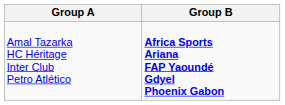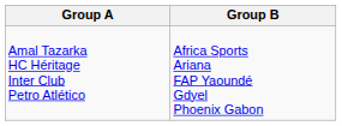 <table class="wikitable">
 <tr>
 <th width=195px>Group A</th>
 <th width=195px>Group B</th>
 </tr>
 <tr>
 <td valign=top><br> <a href='#'>Amal Tazarka</a><br>  <a href='#'>HC Héritage</a><br>  <a href='#'>Inter Club</a><br>  <a href='#'>Petro Atlético</a></td>
-<td valign=top><strong><br> <a href='#'>Africa Sports</a><br>  <a href='#'>Ariana</a><br>  <a href='#'>FAP Yaoundé</a><br>  <a href='#'>Gdyel</a><br>  <a href='#'>Phoenix Gabon</a><br></strong></td>
+<td valign=top><br> <a href='#'>Africa Sports</a><br>  <a href='#'>Ariana</a><br>  <a href='#'>FAP Yaoundé</a><br>  <a href='#'>Gdyel</a><br>  <a href='#'>Phoenix Gabon</a><br></td>
 </tr>
 </table>
